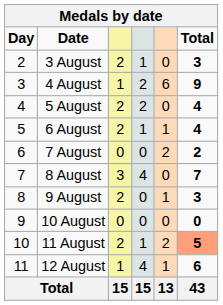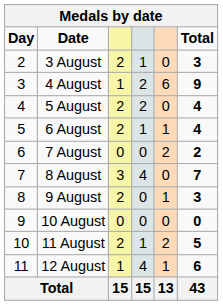 <table class="wikitable" style="font-size:85%; text-align:center;">
 <tr style="background:#efefef;">
 <th colspan=6><strong>Medals by date</strong></th>
 </tr>
 <tr>
 <td><strong>Day</strong></td>
 <td><strong>Date</strong></td>
 <td style="background:#F7F6A8;"></td>
 <td style="background:#DCE5E5;"></td>
 <td style="background:#FFDAB9;"></td>
 <td><strong>Total</strong></td>
 </tr>
 <tr>
 <td>2</td>
 <td>3 August</td>
 <td style="background:#F7F6A8;">2</td>
 <td style="background:#DCE5E5;">1</td>
 <td style="background:#FFDAB9;">0</td>
 <td><strong>3</strong></td>
 </tr>
 <tr>
 <td>3</td>
 <td>4 August</td>
 <td style="background:#F7F6A8;">1</td>
 <td style="background:#DCE5E5;">2</td>
 <td style="background:#FFDAB9;">6</td>
 <td><strong>9</strong></td>
 </tr>
 <tr>
 <td>4</td>
 <td>5 August</td>
 <td style="background:#F7F6A8;">2</td>
 <td style="background:#DCE5E5;">2</td>
 <td style="background:#FFDAB9;">0</td>
 <td><strong>4</strong></td>
 </tr>
 <tr>
 <td>5</td>
 <td>6 August</td>
 <td style="background:#F7F6A8;">2</td>
 <td style="background:#DCE5E5;">1</td>
 <td style="background:#FFDAB9;">1</td>
 <td><strong>4</strong></td>
 </tr>
 <tr>
 <td>6</td>
 <td>7 August</td>
 <td style="background:#F7F6A8;">0</td>
 <td style="background:#DCE5E5;">0</td>
 <td style="background:#FFDAB9;">2</td>
 <td><strong>2</strong></td>
 </tr>
 <tr>
 <td>7</td>
 <td>8 August</td>
 <td style="background:#F7F6A8;">3</td>
 <td style="background:#DCE5E5;">4</td>
 <td style="background:#FFDAB9;">0</td>
 <td><strong>7</strong></td>
 </tr>
 <tr>
 <td>8</td>
 <td>9 August</td>
 <td style="background:#F7F6A8;">2</td>
 <td style="background:#DCE5E5;">0</td>
 <td style="background:#FFDAB9;">1</td>
 <td><strong>3</strong></td>
 </tr>
 <tr>
 <td>9</td>
 <td>10 August</td>
 <td style="background:#F7F6A8;">0</td>
 <td style="background:#DCE5E5;">0</td>
 <td style="background:#FFDAB9;">0</td>
 <td><strong>0</strong></td>
 </tr>
 <tr>
 <td>10</td>
 <td>11 August</td>
 <td style="background:#F7F6A8;">2</td>
 <td style="background:#DCE5E5;">1</td>
 <td style="background:#FFDAB9;">2</td>
-<td style="background: lightsalmon;"><strong>5</strong></td>
+<td><strong>5</strong></td>
 </tr>
 <tr>
 <td>11</td>
 <td>12 August</td>
 <td style="background:#F7F6A8;">1</td>
 <td style="background:#DCE5E5;">4</td>
 <td style="background:#FFDAB9;">1</td>
 <td><strong>6</strong></td>
 </tr>
 <tr>
 <th colspan="2">Total</th>
 <th>15</th>
 <th>15</th>
 <th>13</th>
 <th>43</th>
 </tr>
 </table>
